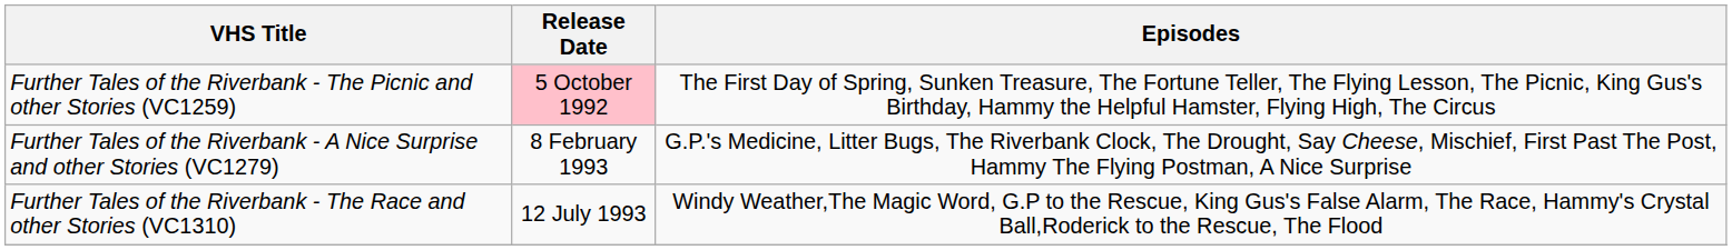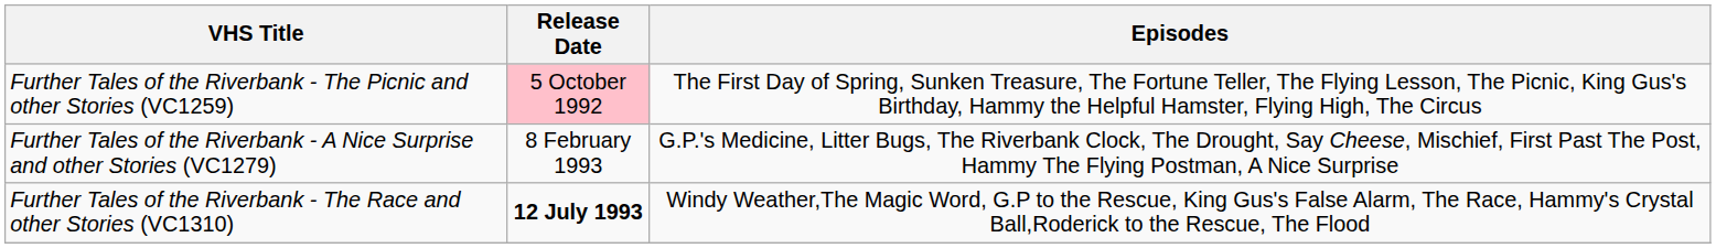 <table class="wikitable">
 <tr>
 <th>VHS Title</th>
 <th>Release Date</th>
 <th>Episodes</th>
 </tr>
 <tr>
 <td><em>Further Tales of the Riverbank - The Picnic and other Stories</em> (VC1259)</td>
 <td align="center" style="background: pink;">5 October 1992</td>
 <td align="center">The First Day of Spring, Sunken Treasure, The Fortune Teller, The Flying Lesson, The Picnic, King Gus's Birthday, Hammy the Helpful Hamster, Flying High, The Circus</td>
 </tr>
 <tr>
 <td><em>Further Tales of the Riverbank - A Nice Surprise and other Stories</em> (VC1279)</td>
 <td align="center">8 February 1993</td>
 <td align="center">G.P.'s Medicine, Litter Bugs, The Riverbank Clock, The Drought, Say <em>Cheese</em>, Mischief, First Past The Post, Hammy The Flying Postman, A Nice Surprise</td>
 </tr>
 <tr>
 <td><em>Further Tales of the Riverbank - The Race and other Stories</em> (VC1310)</td>
-<td align="center">12 July 1993</td>
+<td align="center"><strong>12 July 1993</strong></td>
 <td align="center">Windy Weather,The Magic Word, G.P to the Rescue, King Gus's False Alarm, The Race, Hammy's Crystal Ball,Roderick to the Rescue, The Flood</td>
 </tr>
 <tr>
 </tr>
 </table>
